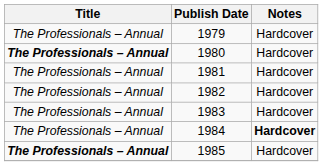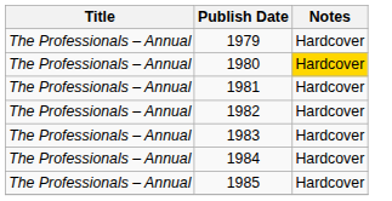 <table class="wikitable" style="text-align:center;">
 <tr>
 <th>Title</th>
 <th>Publish Date</th>
 <th>Notes</th>
 </tr>
 <tr>
 <td><em>The Professionals – Annual</em></td>
 <td>1979</td>
 <td>Hardcover</td>
 </tr>
 <tr>
-<td><strong><em>The Professionals – Annual</em></strong></td>
+<td><em>The Professionals – Annual</em></td>
 <td>1980</td>
-<td>Hardcover</td>
+<td style="background: gold;">Hardcover</td>
 </tr>
 <tr>
 <td><em>The Professionals – Annual</em></td>
 <td>1981</td>
 <td>Hardcover</td>
 </tr>
 <tr>
 <td><em>The Professionals – Annual</em></td>
 <td>1982</td>
 <td>Hardcover</td>
 </tr>
 <tr>
 <td><em>The Professionals – Annual</em></td>
 <td>1983</td>
 <td>Hardcover</td>
 </tr>
 <tr>
 <td><em>The Professionals – Annual</em></td>
 <td>1984</td>
-<td><strong>Hardcover</strong></td>
+<td>Hardcover</td>
 </tr>
 <tr>
-<td><strong><em>The Professionals – Annual</em></strong></td>
+<td><em>The Professionals – Annual</em></td>
 <td>1985</td>
 <td>Hardcover</td>
 </tr>
 <tr>
 </tr>
 </table>
